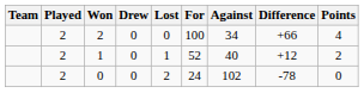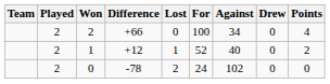 <table class="wikitable" style="text-align:center">
 <tr>
 <th>Team</th>
 <th>Played</th>
 <th>Won</th>
-<th>Drew</th>
+<th>Difference</th>
 <th>Lost</th>
 <th>For</th>
 <th>Against</th>
-<th>Difference</th>
+<th>Drew</th>
 <th>Points</th>
 </tr>
 <tr>
 <td align=left></td>
 <td>2</td>
 <td>2</td>
-<td>0</td>
+<td>+66</td>
 <td>0</td>
 <td>100</td>
 <td>34</td>
-<td>+66</td>
+<td>0</td>
 <td>4</td>
 </tr>
 <tr>
 <td align=left></td>
 <td>2</td>
 <td>1</td>
-<td>0</td>
+<td>+12</td>
 <td>1</td>
 <td>52</td>
 <td>40</td>
-<td>+12</td>
+<td>0</td>
 <td>2</td>
 </tr>
 <tr>
 <td align=left></td>
 <td>2</td>
 <td>0</td>
-<td>0</td>
+<td>-78</td>
 <td>2</td>
 <td>24</td>
 <td>102</td>
-<td>-78</td>
+<td>0</td>
 <td>0</td>
 </tr>
 </table>
